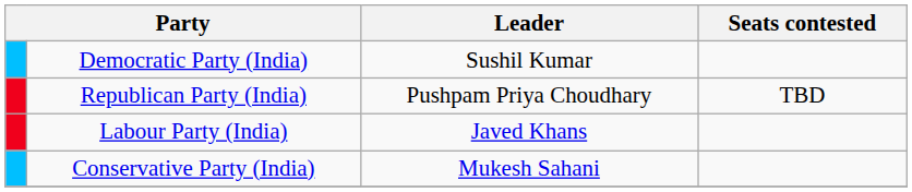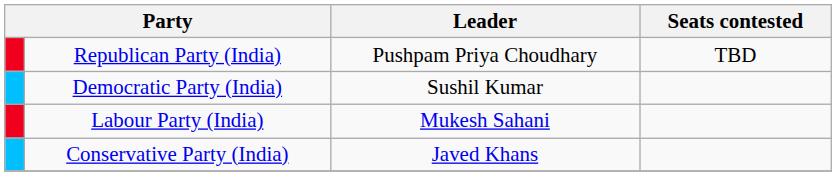 <table class="wikitable" width="50%" style="text-align:center;">
 <tr>
 <th colspan="2">Party</th>
 <th>Leader</th>
 <th>Seats contested</th>
+</tr>
+<tr>
+<td style="background:#F0001C; color:white;"></td>
+<td><a href='#'>Republican Party (India)</a></td>
+<td>Pushpam Priya Choudhary</td>
+<td>TBD</td>
 </tr>
 <tr>
 <td style="background:#00BFFF;"> </td>
 <td><a href='#'>Democratic Party (India)</a></td>
 <td>Sushil Kumar</td>
 <td></td>
 </tr>
 <tr>
 <td style="background:#F0001C; color:white;"></td>
-<td><a href='#'>Republican Party (India)</a></td>
-<td>Pushpam Priya Choudhary</td>
-<td>TBD</td>
-</tr>
-<tr>
-<td style="background:#F0001C; color:white;"></td>
 <td><a href='#'>Labour Party (India)</a></td>
-<td><a href='#'>Javed Khans</a></td>
+<td><a href='#'>Mukesh Sahani</a></td>
 <td></td>
 </tr>
 <tr>
 <td style="background:#00BFFF;"> </td>
 <td><a href='#'>Conservative Party (India)</a></td>
-<td><a href='#'>Mukesh Sahani</a></td>
+<td><a href='#'>Javed Khans</a></td>
 <td></td>
 </tr>
 <tr>
 </tr>
 </table>
